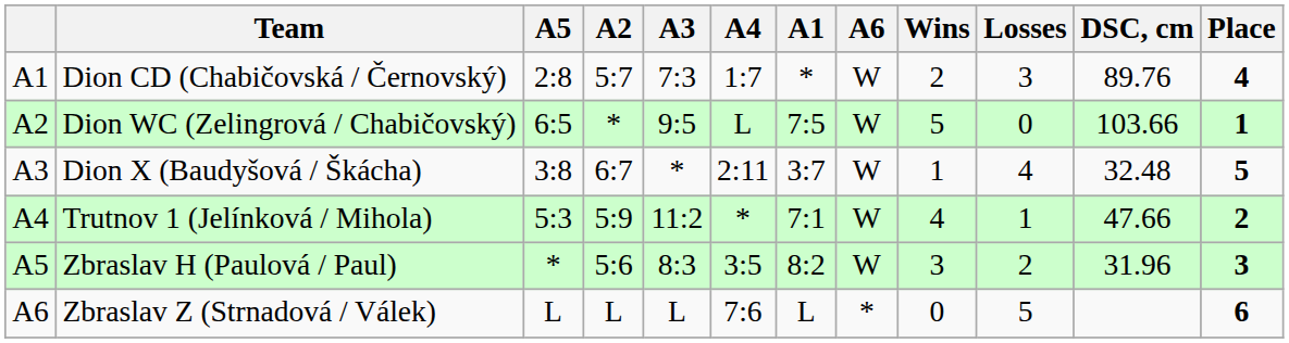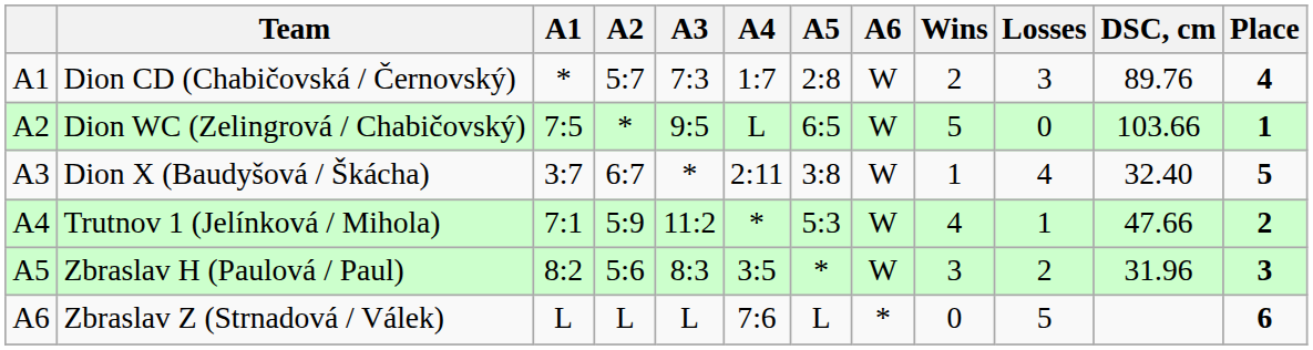 <table class="wikitable" style="text-align:center;">
 <tr>
 <th></th>
 <th>Team</th>
-<th width="25">A5</th>
+<th width="25">A1</th>
 <th width="25">A2</th>
 <th width="25">A3</th>
 <th width="25">A4</th>
-<th width="25">A1</th>
+<th width="25">A5</th>
 <th width="25">A6</th>
 <th width="20">Wins</th>
 <th width="20">Losses</th>
 <th>DSC, cm</th>
 <th>Place</th>
 </tr>
 <tr>
 <td>A1</td>
 <td align=left>Dion CD (Chabičovská / Černovský)</td>
-<td>2:8</td>
+<td>*</td>
 <td>5:7</td>
 <td>7:3</td>
 <td>1:7</td>
-<td>*</td>
+<td>2:8</td>
 <td>W</td>
 <td>2</td>
 <td>3</td>
 <td>89.76</td>
 <td><strong>4</strong></td>
 </tr>
 <tr bgcolor=#cfc>
 <td>A2</td>
 <td align=left>Dion WC (Zelingrová / Chabičovský)</td>
-<td>6:5</td>
+<td>7:5</td>
 <td>*</td>
 <td>9:5</td>
 <td>L</td>
-<td>7:5</td>
+<td>6:5</td>
 <td>W</td>
 <td>5</td>
 <td>0</td>
 <td>103.66</td>
 <td><strong>1</strong></td>
 </tr>
 <tr>
 <td>A3</td>
 <td align=left>Dion X (Baudyšová / Škácha)</td>
-<td>3:8</td>
+<td>3:7</td>
 <td>6:7</td>
 <td>*</td>
 <td>2:11</td>
-<td>3:7</td>
+<td>3:8</td>
 <td>W</td>
 <td>1</td>
 <td>4</td>
-<td>32.48</td>
+<td>32.40</td>
 <td><strong>5</strong></td>
 </tr>
 <tr bgcolor=#cfc>
 <td>A4</td>
 <td align=left>Trutnov 1 (Jelínková / Mihola)</td>
-<td>5:3</td>
+<td>7:1</td>
 <td>5:9</td>
 <td>11:2</td>
 <td>*</td>
-<td>7:1</td>
+<td>5:3</td>
 <td>W</td>
 <td>4</td>
 <td>1</td>
 <td>47.66</td>
 <td><strong>2</strong></td>
 </tr>
 <tr bgcolor=#cfc>
 <td>A5</td>
 <td align=left>Zbraslav H (Paulová / Paul)</td>
-<td>*</td>
+<td>8:2</td>
 <td>5:6</td>
 <td>8:3</td>
 <td>3:5</td>
-<td>8:2</td>
+<td>*</td>
 <td>W</td>
 <td>3</td>
 <td>2</td>
 <td>31.96</td>
 <td><strong>3</strong></td>
 </tr>
 <tr>
 <td>A6</td>
 <td align=left>Zbraslav Z (Strnadová / Válek)</td>
 <td>L</td>
 <td>L</td>
 <td>L</td>
 <td>7:6</td>
 <td>L</td>
 <td>*</td>
 <td>0</td>
 <td>5</td>
 <td></td>
 <td><strong>6</strong></td>
 </tr>
 </table>
